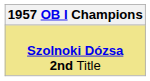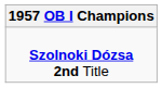 <table class="wikitable" style="text-align: center; margin: 0 auto;">
 <tr>
 <th>1957 <a href='#'>OB I</a> Champions</th>
 </tr>
 <tr>
-<td style="background: khaki;"><br><strong><a href='#'>Szolnoki Dózsa</a></strong><br><strong>2nd</strong> Title</td>
+<td><br><strong><a href='#'>Szolnoki Dózsa</a></strong><br><strong>2nd</strong> Title</td>
 </tr>
 </table>
